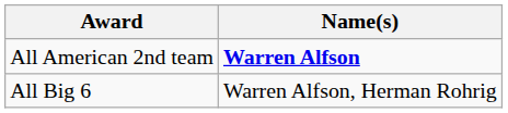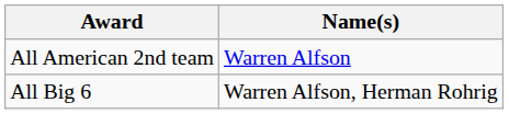 <table class="wikitable">
 <tr>
 <th>Award</th>
 <th>Name(s)</th>
 </tr>
 <tr>
 <td>All American 2nd team</td>
-<td><strong><a href='#'>Warren Alfson</a></strong></td>
+<td><a href='#'>Warren Alfson</a></td>
 </tr>
 <tr>
 <td>All Big 6</td>
 <td>Warren Alfson, Herman Rohrig</td>
 </tr>
 </table>
